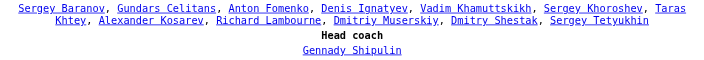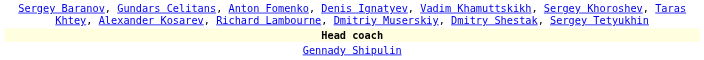 <table style="text-align: center; margin-top: 2em; margin-left: auto; margin-right: auto">
 <tr>
 <td><a href='#'>Sergey Baranov</a>, <a href='#'>Gundars Celitans</a>, <a href='#'>Anton Fomenko</a>, <a href='#'>Denis Ignatyev</a>, <a href='#'>Vadim Khamuttskikh</a>, <a href='#'>Sergey Khoroshev</a>, <a href='#'>Taras Khtey</a>, <a href='#'>Alexander Kosarev</a>, <a href='#'>Richard Lambourne</a>, <a href='#'>Dmitriy Muserskiy</a>, <a href='#'>Dmitry Shestak</a>, <a href='#'>Sergey Tetyukhin</a></td>
 </tr>
 <tr>
-<td><strong>Head coach</strong></td>
+<td style="background: lightyellow;"><strong>Head coach</strong></td>
 </tr>
 <tr>
 <td><a href='#'>Gennady Shipulin</a></td>
 </tr>
 </table>
